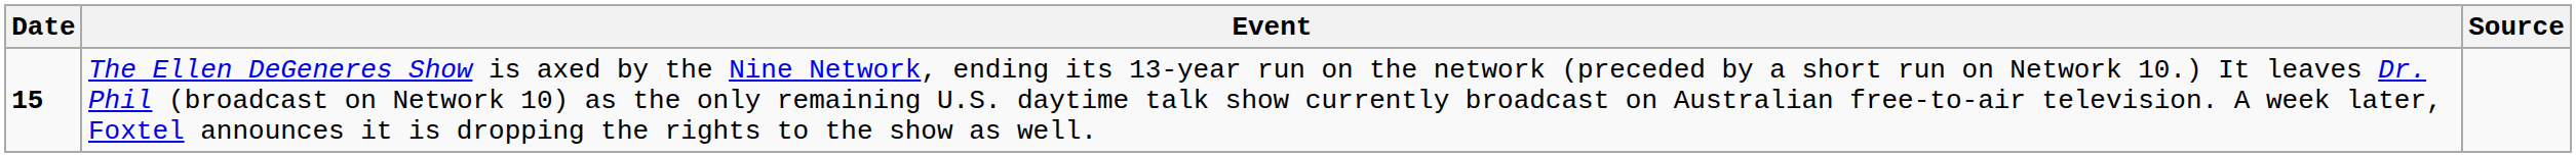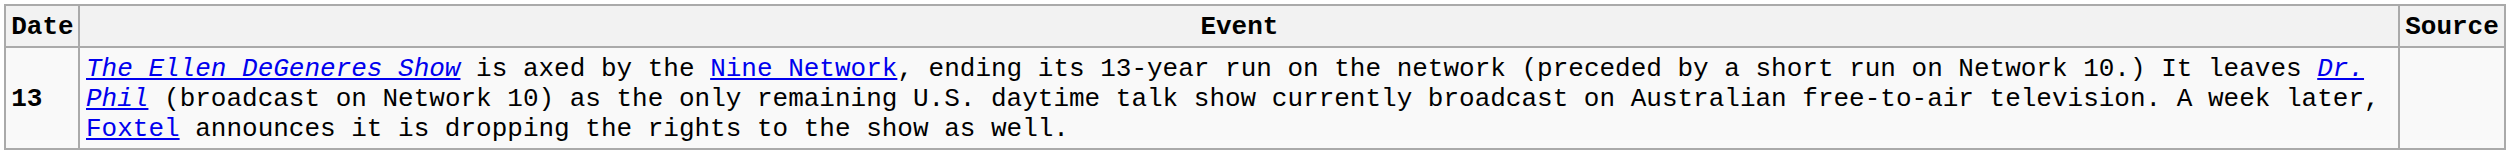 <table class="wikitable">
 <tr>
 <th>Date</th>
 <th>Event</th>
 <th>Source</th>
 </tr>
 <tr>
-<td><strong>15</strong></td>
+<td><strong>13</strong></td>
 <td><em><a href='#'>The Ellen DeGeneres Show</a></em> is axed by the <a href='#'>Nine Network</a>, ending its 13-year run on the network (preceded by a short run on Network 10.) It leaves <em><a href='#'>Dr. Phil</a></em> (broadcast on Network 10) as the only remaining U.S. daytime talk show currently broadcast on Australian free-to-air television. A week later, <a href='#'>Foxtel</a> announces it is dropping the rights to the show as well.</td>
 <td></td>
 </tr>
 <tr>
 </tr>
 </table>
